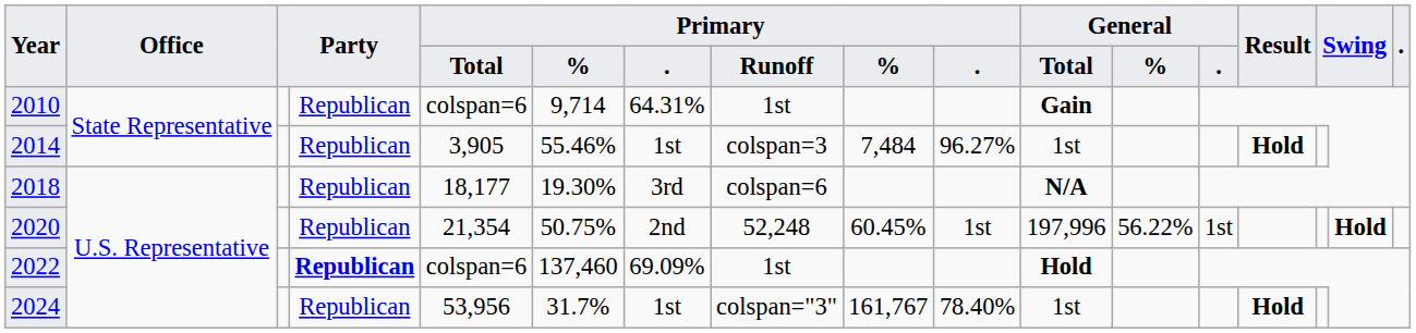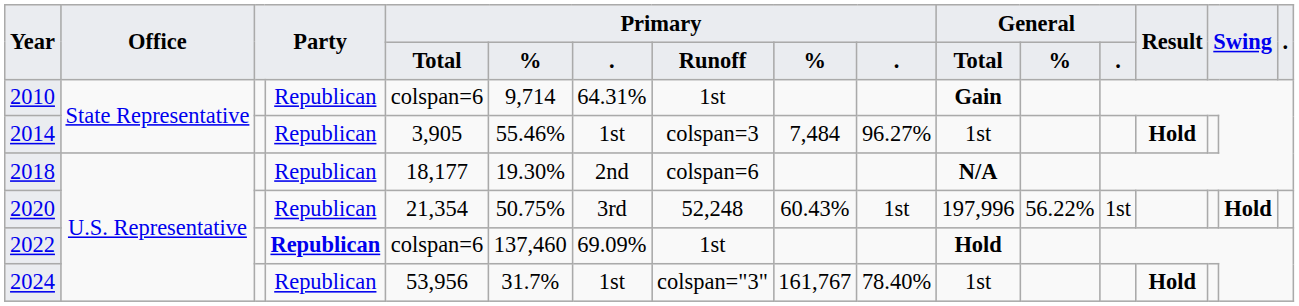 <table class="wikitable" style="font-size:90%; text-align:center;">
 <tr>
 <th style="background-color:#EAECF0;" rowspan=2>Year</th>
 <th style="background-color:#EAECF0;" rowspan=2>Office</th>
 <th style="background-color:#EAECF0;" colspan=2 rowspan=2>Party</th>
 <th style="background-color:#EAECF0;" colspan=6>Primary</th>
 <th style="background-color:#EAECF0;" colspan=3>General</th>
 <th style="background-color:#EAECF0;" rowspan=2>Result</th>
 <th style="background-color:#EAECF0;" colspan=2 rowspan=2><a href='#'>Swing</a></th>
 <th style="background-color:#EAECF0;" rowspan=2>.</th>
 </tr>
 <tr>
 <th style="background-color:#EAECF0;">Total</th>
 <th style="background-color:#EAECF0;">%</th>
 <th style="background-color:#EAECF0;">.</th>
 <th style="background-color:#EAECF0;">Runoff</th>
 <th style="background-color:#EAECF0;">%</th>
 <th style="background-color:#EAECF0;">.</th>
 <th style="background-color:#EAECF0;">Total</th>
 <th style="background-color:#EAECF0;">%</th>
 <th style="background-color:#EAECF0;">.</th>
 </tr>
 <tr>
 <td style="background-color:#EAECF0;"><a href='#'>2010</a></td>
 <td rowspan=2><a href='#'>State Representative</a></td>
 <td style="background-color:"></td>
 <td><a href='#'>Republican</a></td>
 <td>colspan=6 </td>
 <td>9,714</td>
 <td>64.31%</td>
 <td>1st</td>
 <td></td>
 <td style="background-color:"></td>
 <td><strong>Gain</strong></td>
 <td></td>
 </tr>
 <tr>
 <td style="background-color:#EAECF0;"><a href='#'>2014</a></td>
 <td style="background-color:"></td>
 <td><a href='#'>Republican</a></td>
 <td>3,905</td>
 <td>55.46%</td>
 <td>1st</td>
 <td>colspan=3 </td>
 <td>7,484</td>
 <td>96.27%</td>
 <td>1st</td>
 <td></td>
 <td style="background-color:"></td>
 <td><strong>Hold</strong></td>
 <td></td>
 </tr>
 <tr>
 <td style="background-color:#EAECF0;"><a href='#'>2018</a></td>
 <td rowspan="4"><a href='#'>U.S. Representative</a></td>
 <td style="background-color:"></td>
 <td><a href='#'>Republican</a></td>
 <td>18,177</td>
 <td>19.30%</td>
-<td>3rd</td>
+<td>2nd</td>
 <td>colspan=6 </td>
 <td></td>
 <td style="background-color:"></td>
 <td><strong>N/A</strong></td>
 <td></td>
 </tr>
 <tr>
 <td style="background-color:#EAECF0;"><a href='#'>2020</a></td>
 <td style="background-color:"></td>
 <td><a href='#'>Republican</a></td>
 <td>21,354</td>
 <td>50.75%</td>
-<td>2nd</td>
+<td>3rd</td>
 <td>52,248</td>
-<td>60.45%</td>
+<td>60.43%</td>
 <td>1st</td>
 <td>197,996</td>
 <td>56.22%</td>
 <td>1st</td>
 <td></td>
 <td style="background-color:"></td>
 <td><strong>Hold</strong></td>
 <td></td>
 </tr>
 <tr>
 <td style="background-color:#EAECF0;"><a href='#'>2022</a></td>
 <td style="background-color:"></td>
 <td><strong><a href='#'>Republican</a></strong></td>
 <td>colspan=6 </td>
 <td>137,460</td>
 <td>69.09%</td>
 <td>1st</td>
 <td></td>
 <td style="background-color:"></td>
 <td><strong>Hold</strong></td>
 <td></td>
 </tr>
 <tr>
 <td style="background-color:#EAECF0;"><a href='#'>2024</a></td>
 <td style="background-color:"></td>
 <td><a href='#'>Republican</a></td>
 <td>53,956</td>
 <td>31.7%</td>
 <td>1st</td>
 <td>colspan="3" </td>
 <td>161,767</td>
 <td>78.40%</td>
 <td>1st</td>
 <td></td>
 <td style="background-color:"></td>
 <td><strong>Hold</strong></td>
 <td></td>
 </tr>
 </table>
